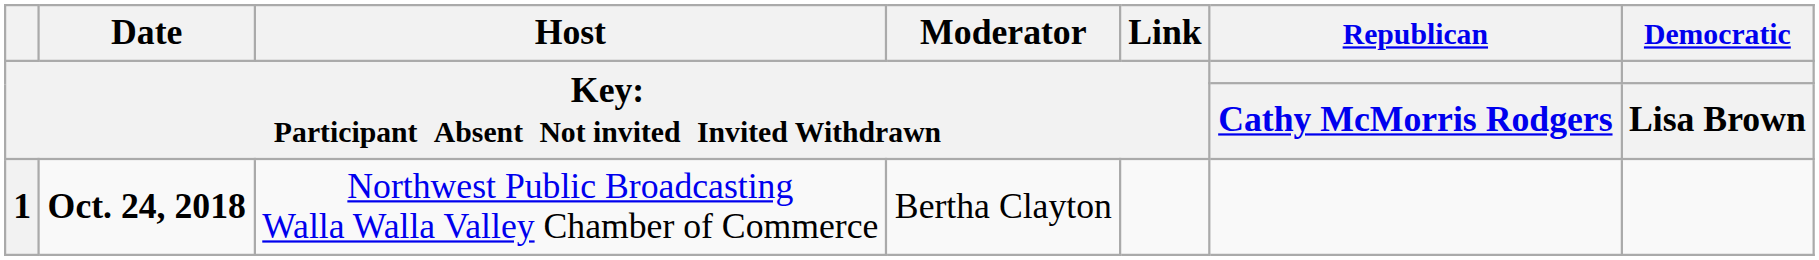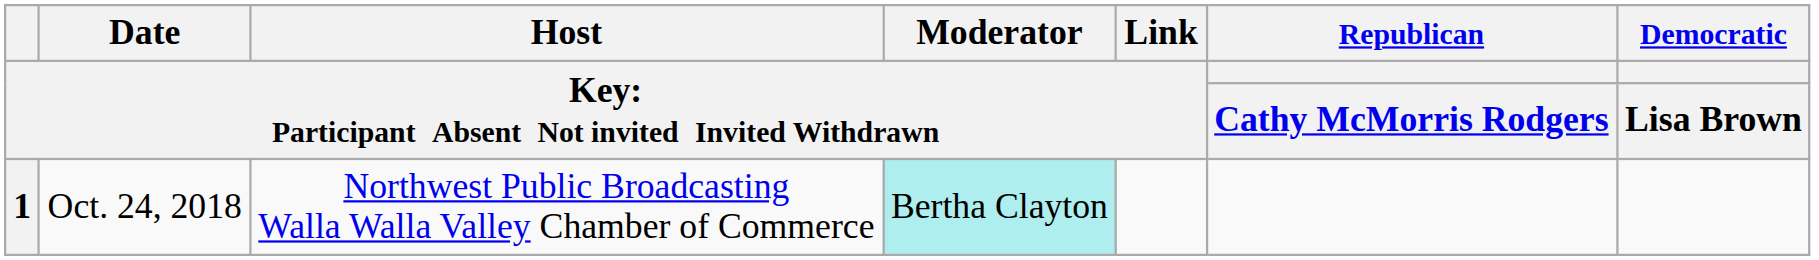 <table class="wikitable" style="text-align:center;">
 <tr>
 <th scope="col"></th>
 <th scope="col">Date</th>
 <th scope="col">Host</th>
 <th scope="col">Moderator</th>
 <th scope="col">Link</th>
 <th scope="col"><small><a href='#'>Republican</a></small></th>
 <th scope="col"><small><a href='#'>Democratic</a></small></th>
 </tr>
 <tr>
 <th colspan="5" rowspan="2">Key:<br> <small>Participant </small>  <small>Absent </small>  <small>Not invited </small>  <small>Invited  Withdrawn</small></th>
 <th scope="col" style="background:"></th>
 <th scope="col" style="background:"></th>
 </tr>
 <tr>
 <th scope="col"><a href='#'>Cathy McMorris Rodgers</a></th>
 <th scope="col">Lisa Brown</th>
 </tr>
 <tr>
 <th>1</th>
-<td style="white-space:nowrap;"><strong>Oct. 24, 2018</strong></td>
+<td style="white-space:nowrap;">Oct. 24, 2018</td>
 <td style="white-space:nowrap;"><a href='#'>Northwest Public Broadcasting</a><br><a href='#'>Walla Walla Valley</a> Chamber of Commerce</td>
-<td style="white-space:nowrap;">Bertha Clayton</td>
+<td style="background: paleturquoise; white-space:nowrap;">Bertha Clayton</td>
 <td style="white-space:nowrap;"></td>
 <td></td>
 <td></td>
 </tr>
 </table>
